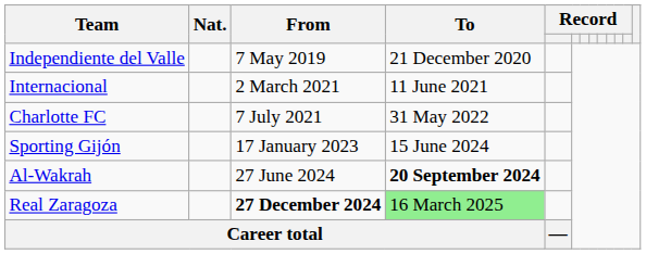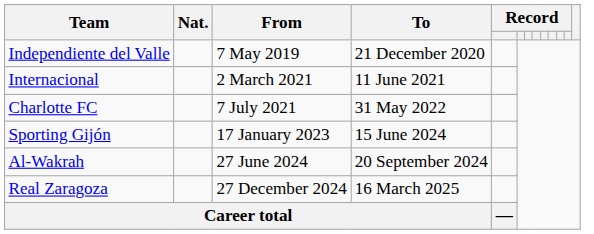 <table class="wikitable" style="text-align: center">
 <tr>
 <th rowspan="2">Team</th>
 <th rowspan="2">Nat.</th>
 <th rowspan="2">From</th>
 <th rowspan="2">To</th>
 <th colspan="8">Record</th>
 <th rowspan=2></th>
 </tr>
 <tr>
 <th></th>
 <th></th>
 <th></th>
 <th></th>
 <th></th>
 <th></th>
 <th></th>
 <th></th>
 </tr>
 <tr>
 <td align="left"><a href='#'>Independiente del Valle</a></td>
 <td></td>
 <td align=left>7 May 2019</td>
 <td align=left>21 December 2020<br></td>
 <td></td>
 </tr>
 <tr>
 <td align="left"><a href='#'>Internacional</a></td>
 <td></td>
 <td align=left>2 March 2021</td>
 <td align=left>11 June 2021<br></td>
 <td></td>
 </tr>
 <tr>
 <td align="left"><a href='#'>Charlotte FC</a></td>
 <td></td>
 <td align=left>7 July 2021</td>
 <td align=left>31 May 2022<br></td>
 <td></td>
 </tr>
 <tr>
 <td align="left"><a href='#'>Sporting Gijón</a></td>
 <td></td>
 <td align=left>17 January 2023</td>
 <td align=left>15 June 2024<br></td>
 <td></td>
 </tr>
 <tr>
 <td align="left"><a href='#'>Al-Wakrah</a></td>
 <td></td>
 <td align=left>27 June 2024</td>
-<td align=left><strong>20 September 2024<br></strong></td>
+<td align=left>20 September 2024<br></td>
 <td></td>
 </tr>
 <tr>
 <td align="left"><a href='#'>Real Zaragoza</a></td>
 <td></td>
-<td align=left><strong>27 December 2024</strong></td>
-<td align=left style="background: lightgreen;">16 March 2025<br></td>
+<td align=left>27 December 2024</td>
+<td align=left>16 March 2025<br></td>
 <td></td>
 </tr>
 <tr>
 <th colspan="4"><strong>Career total</strong><br></th>
 <th>—</th>
 </tr>
 </table>
